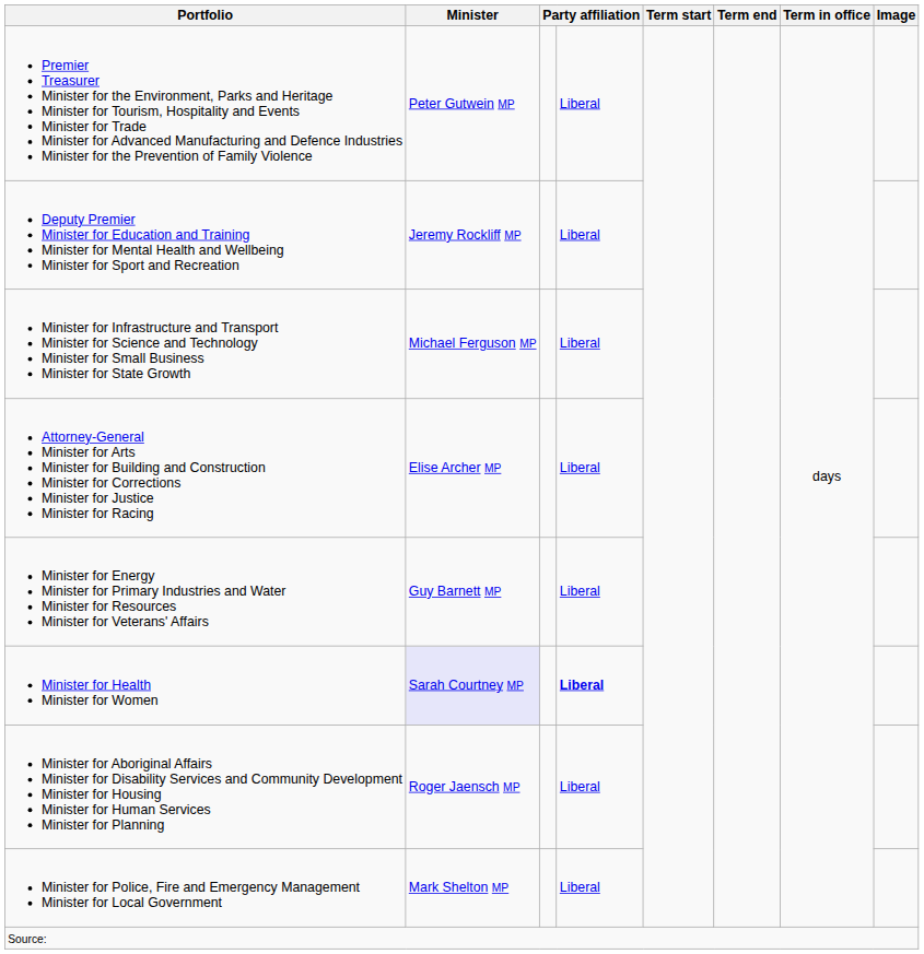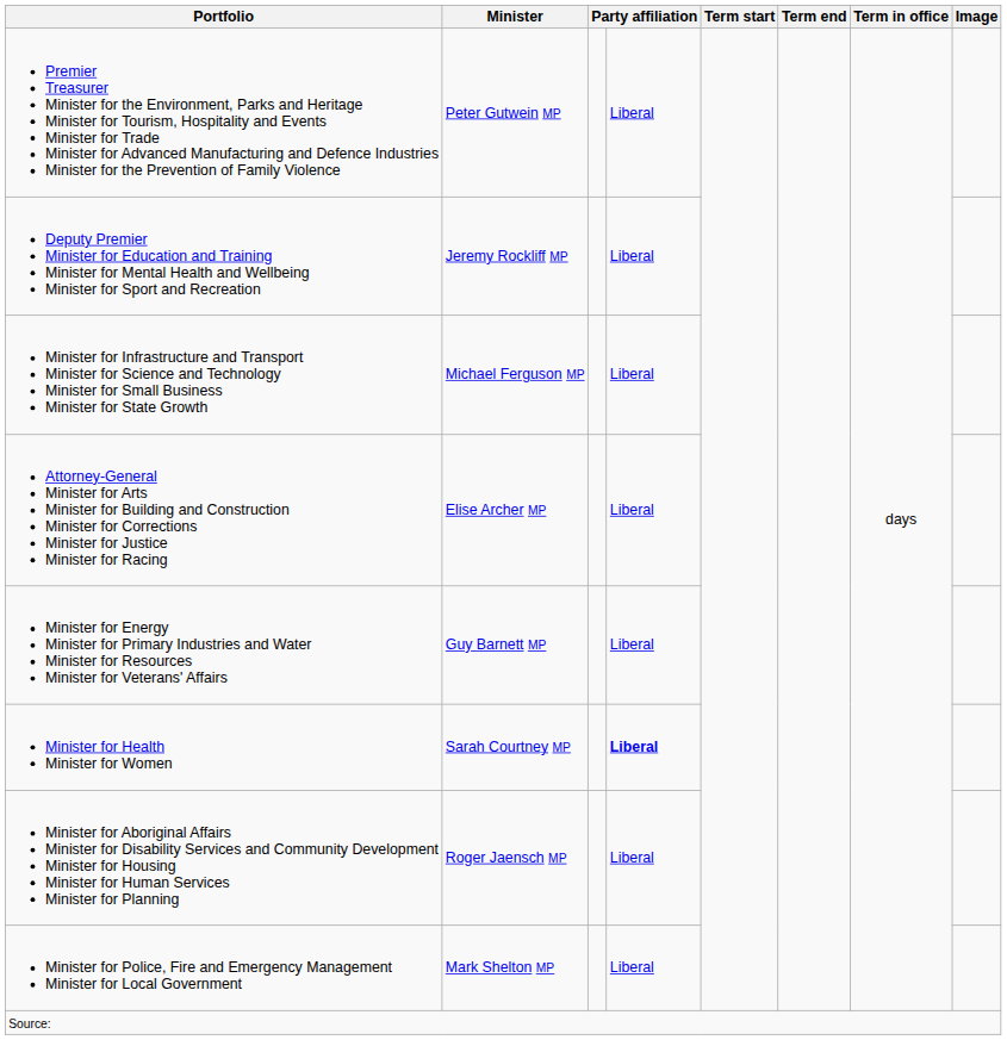 <table class="wikitable">
 <tr>
 <th>Portfolio</th>
 <th>Minister</th>
 <th colspan=2>Party affiliation</th>
 <th>Term start</th>
 <th>Term end</th>
 <th>Term in office</th>
 <th>Image</th>
 </tr>
 <tr>
 <td><br><ul><li><a href='#'>Premier</a></li><li><a href='#'>Treasurer</a></li><li>Minister for the Environment, Parks and Heritage</li><li>Minister for Tourism, Hospitality and Events</li><li>Minister for Trade</li><li>Minister for Advanced Manufacturing and Defence Industries</li><li>Minister for the Prevention of Family Violence</li></ul></td>
 <td><a href='#'>Peter Gutwein</a> <small><a href='#'>MP</a></small></td>
 <td> </td>
 <td><a href='#'>Liberal</a></td>
 <td rowspan=8 align=center></td>
 <td rowspan=8 align=center></td>
 <td rowspan=8 align=center> days</td>
 <td></td>
 </tr>
 <tr>
 <td><br><ul><li><a href='#'>Deputy Premier</a></li><li><a href='#'>Minister for Education and Training</a></li><li>Minister for Mental Health and Wellbeing</li><li>Minister for Sport and Recreation</li></ul></td>
 <td><a href='#'>Jeremy Rockliff</a> <small><a href='#'>MP</a></small></td>
 <td> </td>
 <td><a href='#'>Liberal</a></td>
 <td></td>
 </tr>
 <tr>
 <td><br><ul><li>Minister for Infrastructure and Transport</li><li>Minister for Science and Technology</li><li>Minister for Small Business</li><li>Minister for State Growth</li></ul></td>
 <td><a href='#'>Michael Ferguson</a> <small><a href='#'>MP</a></small></td>
 <td> </td>
 <td><a href='#'>Liberal</a></td>
 <td></td>
 </tr>
 <tr>
 <td><br><ul><li><a href='#'>Attorney-General</a></li><li>Minister for Arts</li><li>Minister for Building and Construction</li><li>Minister for Corrections</li><li>Minister for Justice</li><li>Minister for Racing</li></ul></td>
 <td><a href='#'>Elise Archer</a> <small><a href='#'>MP</a></small></td>
 <td> </td>
 <td><a href='#'>Liberal</a></td>
 <td></td>
 </tr>
 <tr>
 <td><br><ul><li>Minister for Energy</li><li>Minister for Primary Industries and Water</li><li>Minister for Resources</li><li>Minister for Veterans' Affairs</li></ul></td>
 <td><a href='#'>Guy Barnett</a> <small><a href='#'>MP</a></small></td>
 <td> </td>
 <td><a href='#'>Liberal</a></td>
 <td></td>
 </tr>
 <tr>
 <td><br><ul><li><a href='#'>Minister for Health</a></li><li>Minister for Women</li></ul></td>
-<td style="background: lavender;"><a href='#'>Sarah Courtney</a> <small><a href='#'>MP</a></small></td>
+<td><a href='#'>Sarah Courtney</a> <small><a href='#'>MP</a></small></td>
 <td> </td>
 <td><strong><a href='#'>Liberal</a></strong></td>
 <td></td>
 </tr>
 <tr>
 <td><br><ul><li>Minister for Aboriginal Affairs</li><li>Minister for Disability Services and Community Development</li><li>Minister for Housing</li><li>Minister for Human Services</li><li>Minister for Planning</li></ul></td>
 <td><a href='#'>Roger Jaensch</a> <small><a href='#'>MP</a></small></td>
 <td> </td>
 <td><a href='#'>Liberal</a></td>
 <td></td>
 </tr>
 <tr>
 <td><br><ul><li>Minister for Police, Fire and Emergency Management</li><li>Minister for Local Government</li></ul></td>
 <td><a href='#'>Mark Shelton</a> <small><a href='#'>MP</a></small></td>
 <td> </td>
 <td><a href='#'>Liberal</a></td>
 <td></td>
 </tr>
 <tr>
 <td colspan="8" align="left"><small>Source:</small></td>
 </tr>
 </table>
